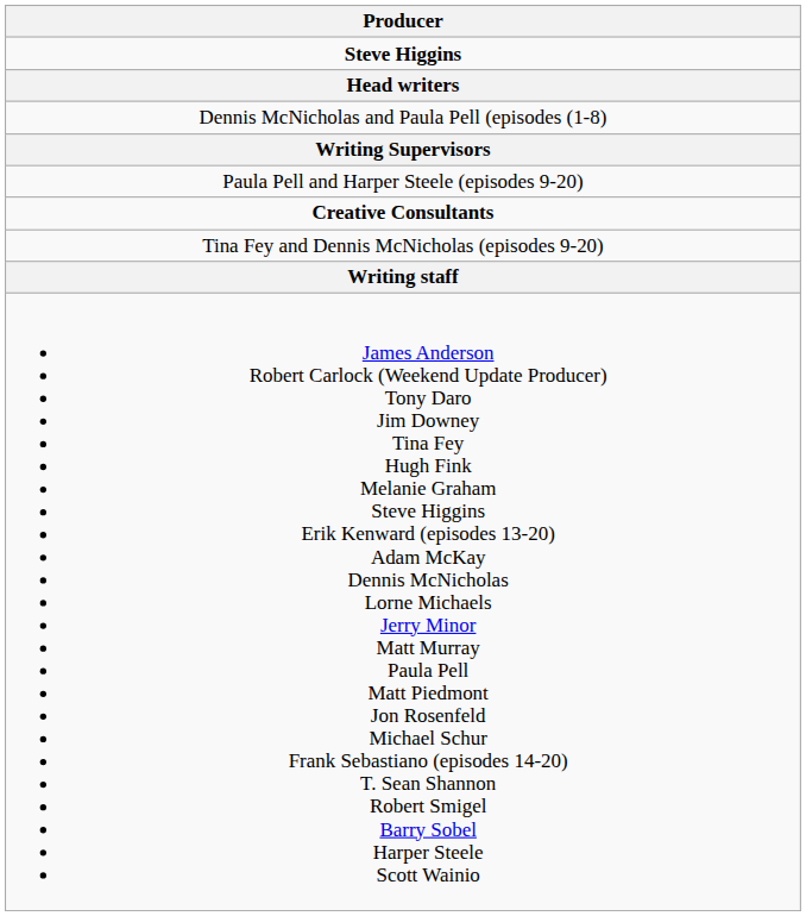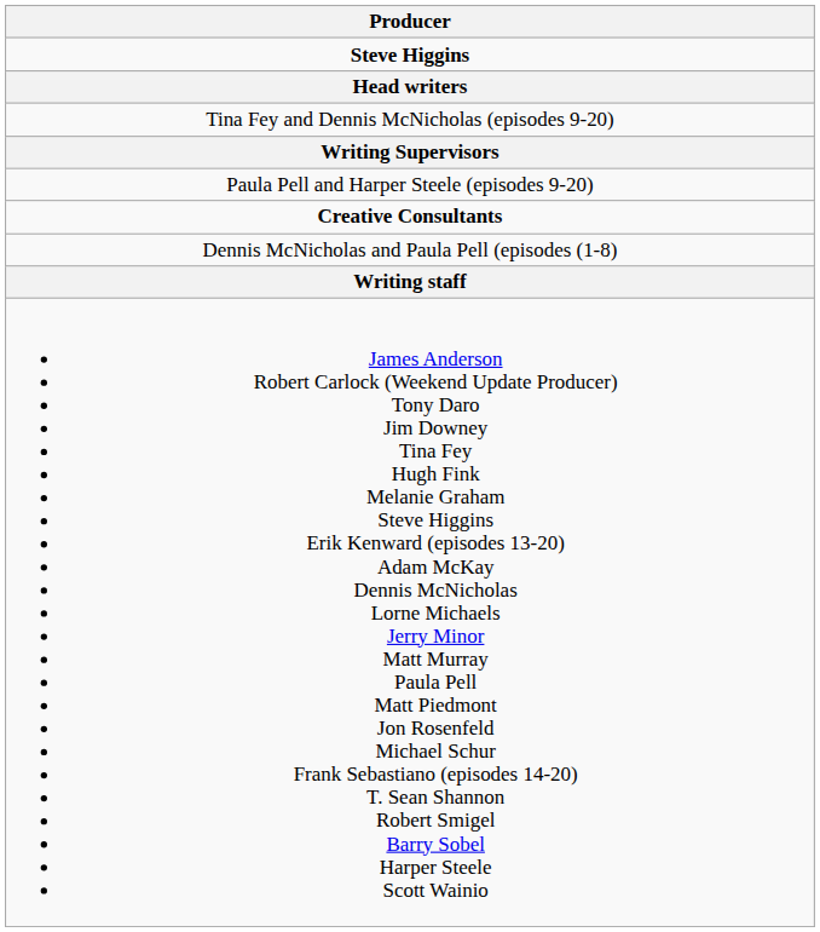 <table class="wikitable plainrowheaders"  style="text-align:center; width:50%;">
 <tr>
 <th><strong>Producer</strong></th>
 </tr>
 <tr>
 <td><strong>Steve Higgins</strong></td>
 </tr>
 <tr>
 <th><strong>Head writers</strong></th>
 </tr>
 <tr>
-<td>Dennis McNicholas and Paula Pell (episodes (1-8)</td>
+<td>Tina Fey and Dennis McNicholas (episodes 9-20)</td>
 </tr>
 <tr>
 <th><strong>Writing Supervisors</strong></th>
 </tr>
 <tr>
 <td>Paula Pell and Harper Steele (episodes 9-20)</td>
 </tr>
 <tr>
 <td><strong>Creative Consultants</strong></td>
 </tr>
 <tr>
-<td>Tina Fey and Dennis McNicholas (episodes 9-20)</td>
+<td>Dennis McNicholas and Paula Pell (episodes (1-8)</td>
 </tr>
 <tr>
 <th><strong>Writing staff</strong></th>
 </tr>
 <tr>
 <td><br><ul><li><a href='#'>James Anderson</a></li><li>Robert Carlock (Weekend Update Producer)</li><li>Tony Daro</li><li>Jim Downey</li><li>Tina Fey</li><li>Hugh Fink</li><li>Melanie Graham</li><li>Steve Higgins</li><li>Erik Kenward (episodes 13-20)</li><li>Adam McKay</li><li>Dennis McNicholas</li><li>Lorne Michaels</li><li><a href='#'>Jerry Minor</a></li><li>Matt Murray</li><li>Paula Pell</li><li>Matt Piedmont</li><li>Jon Rosenfeld</li><li>Michael Schur</li><li>Frank Sebastiano (episodes 14-20)</li><li>T. Sean Shannon</li><li>Robert Smigel</li><li><a href='#'>Barry Sobel</a></li><li>Harper Steele</li><li>Scott Wainio</li></ul></td>
 </tr>
 </table>
